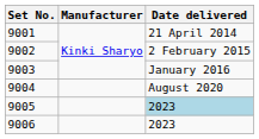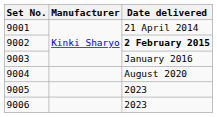 <table class="wikitable">
 <tr>
 <th>Set No.</th>
 <th>Manufacturer</th>
 <th>Date delivered</th>
 </tr>
 <tr>
 <td>9001</td>
 <td rowspan="3"><a href='#'>Kinki Sharyo</a></td>
 <td>21 April 2014</td>
 </tr>
 <tr>
 <td>9002</td>
-<td>2 February 2015</td>
+<td><strong>2 February 2015</strong></td>
 </tr>
 <tr>
 <td>9003</td>
 <td>January 2016</td>
 </tr>
 <tr>
 <td>9004</td>
 <td></td>
 <td>August 2020</td>
 </tr>
 <tr>
 <td>9005</td>
 <td></td>
-<td style="background: lightblue;">2023</td>
+<td>2023</td>
 </tr>
 <tr>
 <td>9006</td>
 <td></td>
 <td>2023</td>
 </tr>
 </table>
